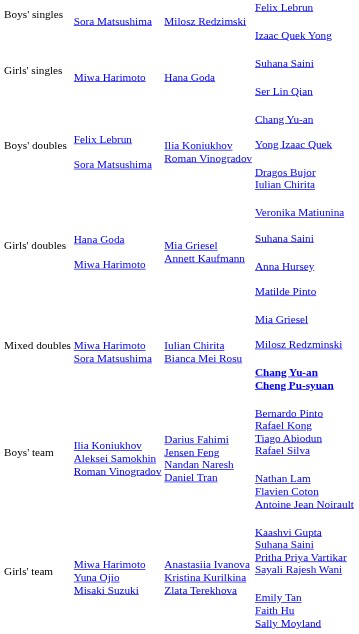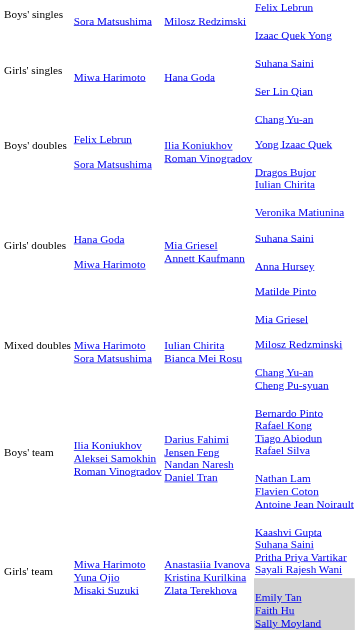 <table>
 <tr>
 <td rowspan=2>Boys' singles</td>
 <td rowspan=2><br><a href='#'>Sora Matsushima</a></td>
 <td rowspan=2><br><a href='#'>Milosz Redzimski</a></td>
 <td><br><a href='#'>Felix Lebrun</a></td>
 </tr>
 <tr>
 <td><br><a href='#'>Izaac Quek Yong</a></td>
 </tr>
 <tr>
 <td rowspan=2>Girls' singles</td>
 <td rowspan=2><br><a href='#'>Miwa Harimoto</a></td>
 <td rowspan=2><br><a href='#'>Hana Goda</a></td>
 <td><br><a href='#'>Suhana Saini</a></td>
 </tr>
 <tr>
 <td><br><a href='#'>Ser Lin Qian</a></td>
 </tr>
 <tr>
 <td rowspan=2>Boys' doubles</td>
 <td rowspan=2><br><a href='#'>Felix Lebrun</a><br><br><a href='#'>Sora Matsushima</a></td>
 <td rowspan=2><br><a href='#'>Ilia Koniukhov</a><br><a href='#'>Roman Vinogradov</a></td>
 <td><br><a href='#'>Chang Yu-an</a><br><br><a href='#'>Yong Izaac Quek</a></td>
 </tr>
 <tr>
 <td><br><a href='#'>Dragos Bujor</a><br><a href='#'>Iulian Chirita</a></td>
 </tr>
 <tr>
 <td rowspan=2>Girls' doubles</td>
 <td rowspan=2><br><a href='#'>Hana Goda</a><br><br><a href='#'>Miwa Harimoto</a></td>
 <td rowspan=2><br><a href='#'>Mia Griesel</a><br><a href='#'>Annett Kaufmann</a></td>
 <td><br><a href='#'>Veronika Matiunina</a><br><br><a href='#'>Suhana Saini</a></td>
 </tr>
 <tr>
 <td><br><a href='#'>Anna Hursey</a><br><br><a href='#'>Matilde Pinto</a></td>
 </tr>
 <tr>
 <td rowspan=2>Mixed doubles</td>
 <td rowspan=2><br><a href='#'>Miwa Harimoto</a><br><a href='#'>Sora Matsushima</a></td>
 <td rowspan=2><br><a href='#'>Iulian Chirita</a><br><a href='#'>Bianca Mei Rosu</a></td>
 <td><br><a href='#'>Mia Griesel</a><br><br><a href='#'>Milosz Redzminski</a></td>
 </tr>
 <tr>
-<td><strong><br><a href='#'>Chang Yu-an</a><br><a href='#'>Cheng Pu-syuan</a></strong></td>
+<td><br><a href='#'>Chang Yu-an</a><br><a href='#'>Cheng Pu-syuan</a></td>
 </tr>
 <tr>
 <td rowspan=2>Boys' team</td>
 <td rowspan=2><br><a href='#'>Ilia Koniukhov</a><br><a href='#'>Aleksei Samokhin</a><br><a href='#'>Roman Vinogradov</a></td>
 <td rowspan=2><br><a href='#'>Darius Fahimi</a><br><a href='#'>Jensen Feng</a><br><a href='#'>Nandan Naresh</a><br><a href='#'>Daniel Tran</a></td>
 <td><br><a href='#'>Bernardo Pinto</a><br><a href='#'>Rafael Kong</a><br><a href='#'>Tiago Abiodun</a><br><a href='#'>Rafael Silva</a></td>
 </tr>
 <tr>
 <td><br><a href='#'>Nathan Lam</a><br><a href='#'>Flavien Coton</a><br><a href='#'>Antoine Jean Noirault</a></td>
 </tr>
 <tr>
 <td rowspan=2>Girls' team</td>
 <td rowspan=2><br><a href='#'>Miwa Harimoto</a><br><a href='#'>Yuna Ojio</a><br><a href='#'>Misaki Suzuki</a></td>
 <td rowspan=2><br><a href='#'>Anastasiia Ivanova</a><br><a href='#'>Kristina Kurilkina</a><br><a href='#'>Zlata Terekhova</a></td>
 <td><br><a href='#'>Kaashvi Gupta</a><br><a href='#'>Suhana Saini</a><br><a href='#'>Pritha Priya Vartikar</a><br><a href='#'>Sayali Rajesh Wani</a></td>
 </tr>
 <tr>
-<td><br><a href='#'>Emily Tan</a><br><a href='#'>Faith Hu</a><br><a href='#'>Sally Moyland</a></td>
+<td style="background: lightgrey;"><br><a href='#'>Emily Tan</a><br><a href='#'>Faith Hu</a><br><a href='#'>Sally Moyland</a></td>
 </tr>
 </table>
